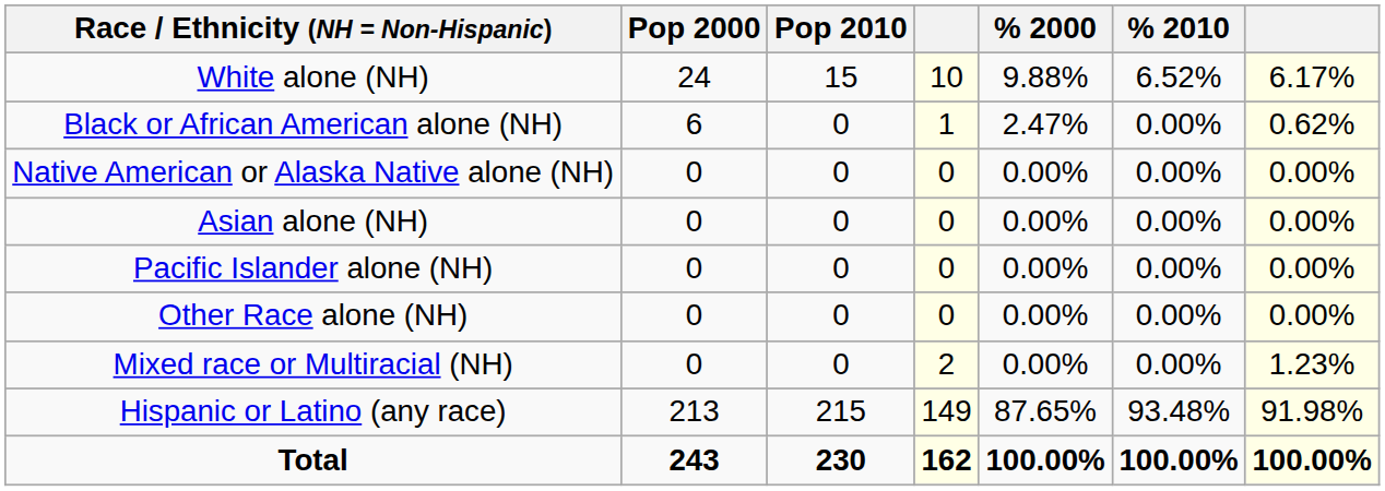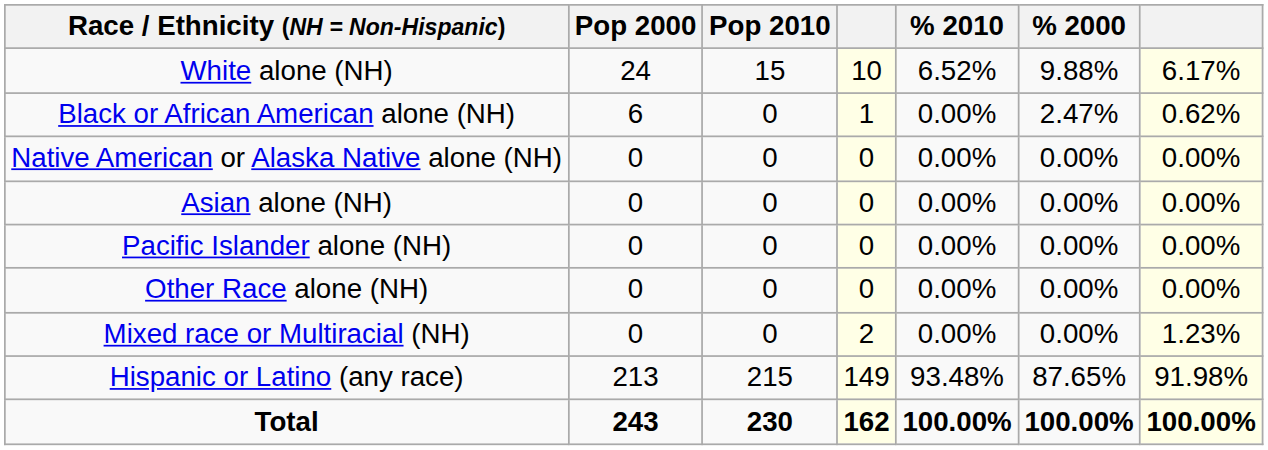 <table class="wikitable" style="text-align:center;">
 <tr>
 <th>Race / Ethnicity <small>(<em>NH = Non-Hispanic</em>)</small></th>
 <th>Pop 2000</th>
 <th>Pop 2010</th>
 <th></th>
+<th>% 2010</th>
 <th>% 2000</th>
-<th>% 2010</th>
 <th></th>
 </tr>
 <tr>
 <td><a href='#'>White</a> alone (NH)</td>
 <td>24</td>
 <td>15</td>
 <td style='background: #ffffe6;'>10</td>
+<td>6.52%</td>
 <td>9.88%</td>
-<td>6.52%</td>
 <td style='background: #ffffe6;'>6.17%</td>
 </tr>
 <tr>
 <td><a href='#'>Black or African American</a> alone (NH)</td>
 <td>6</td>
 <td>0</td>
 <td style='background: #ffffe6;'>1</td>
+<td>0.00%</td>
 <td>2.47%</td>
-<td>0.00%</td>
 <td style='background: #ffffe6;'>0.62%</td>
 </tr>
 <tr>
 <td><a href='#'>Native American</a> or <a href='#'>Alaska Native</a> alone (NH)</td>
 <td>0</td>
 <td>0</td>
 <td style='background: #ffffe6;'>0</td>
 <td>0.00%</td>
 <td>0.00%</td>
 <td style='background: #ffffe6;'>0.00%</td>
 </tr>
 <tr>
 <td><a href='#'>Asian</a> alone (NH)</td>
 <td>0</td>
 <td>0</td>
 <td style='background: #ffffe6;'>0</td>
 <td>0.00%</td>
 <td>0.00%</td>
 <td style='background: #ffffe6;'>0.00%</td>
 </tr>
 <tr>
 <td><a href='#'>Pacific Islander</a> alone (NH)</td>
 <td>0</td>
 <td>0</td>
 <td style='background: #ffffe6;'>0</td>
 <td>0.00%</td>
 <td>0.00%</td>
 <td style='background: #ffffe6;'>0.00%</td>
 </tr>
 <tr>
 <td><a href='#'>Other Race</a> alone (NH)</td>
 <td>0</td>
 <td>0</td>
 <td style='background: #ffffe6;'>0</td>
 <td>0.00%</td>
 <td>0.00%</td>
 <td style='background: #ffffe6;'>0.00%</td>
 </tr>
 <tr>
 <td><a href='#'>Mixed race or Multiracial</a> (NH)</td>
 <td>0</td>
 <td>0</td>
 <td style='background: #ffffe6;'>2</td>
 <td>0.00%</td>
 <td>0.00%</td>
 <td style='background: #ffffe6;'>1.23%</td>
 </tr>
 <tr>
 <td><a href='#'>Hispanic or Latino</a> (any race)</td>
 <td>213</td>
 <td>215</td>
 <td style='background: #ffffe6;'>149</td>
+<td>93.48%</td>
 <td>87.65%</td>
-<td>93.48%</td>
 <td style='background: #ffffe6;'>91.98%</td>
 </tr>
 <tr>
 <td><strong>Total</strong></td>
 <td><strong>243</strong></td>
 <td><strong>230</strong></td>
 <td style='background: #ffffe6;'><strong>162</strong></td>
 <td><strong>100.00%</strong></td>
 <td><strong>100.00%</strong></td>
 <td style='background: #ffffe6;'><strong>100.00%</strong></td>
 </tr>
 </table>
